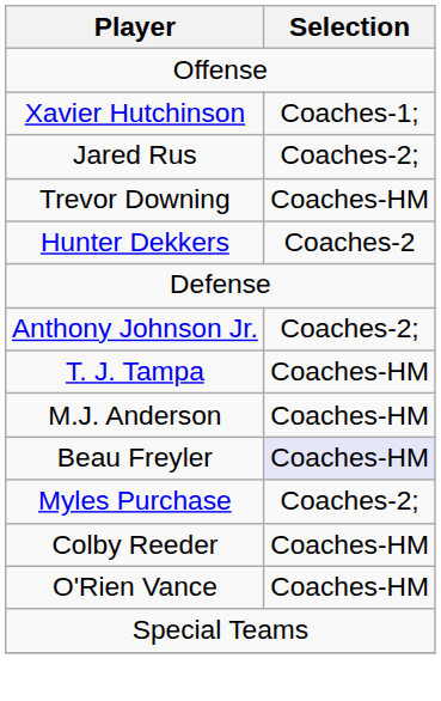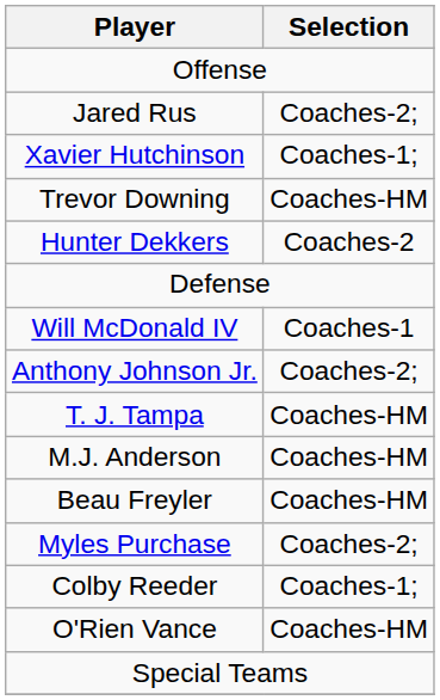 <table class="wikitable" style="text-align: center">
 <tr align="center">
 <th>Player</th>
 <th>Selection</th>
 </tr>
 <tr>
 <td colspan="2">Offense</td>
 </tr>
 <tr>
+<td>Jared Rus</td>
+<td>Coaches-2;</td>
+</tr>
+<tr>
 <td><a href='#'>Xavier Hutchinson</a></td>
 <td>Coaches-1;</td>
-</tr>
-<tr>
-<td>Jared Rus</td>
-<td>Coaches-2;</td>
 </tr>
 <tr>
 <td>Trevor Downing</td>
 <td>Coaches-HM</td>
 </tr>
 <tr>
 <td><a href='#'>Hunter Dekkers</a></td>
 <td>Coaches-2</td>
 </tr>
 <tr>
 <td colspan="2">Defense</td>
+</tr>
+<tr>
+<td><a href='#'>Will McDonald IV</a></td>
+<td>Coaches-1</td>
 </tr>
 <tr>
 <td><a href='#'>Anthony Johnson Jr.</a></td>
 <td>Coaches-2;</td>
 </tr>
 <tr>
 <td><a href='#'>T. J. Tampa</a></td>
 <td>Coaches-HM</td>
 </tr>
 <tr>
 <td>M.J. Anderson</td>
 <td>Coaches-HM</td>
 </tr>
 <tr>
 <td>Beau Freyler</td>
-<td style="background: lavender;">Coaches-HM</td>
+<td>Coaches-HM</td>
 </tr>
 <tr>
 <td><a href='#'>Myles Purchase</a></td>
 <td>Coaches-2;</td>
 </tr>
 <tr>
 <td>Colby Reeder</td>
-<td>Coaches-HM</td>
+<td>Coaches-1;</td>
 </tr>
 <tr>
 <td>O'Rien Vance</td>
 <td>Coaches-HM</td>
 </tr>
 <tr>
 <td colspan="2">Special Teams</td>
 </tr>
 <tr>
 </tr>
 </table>
